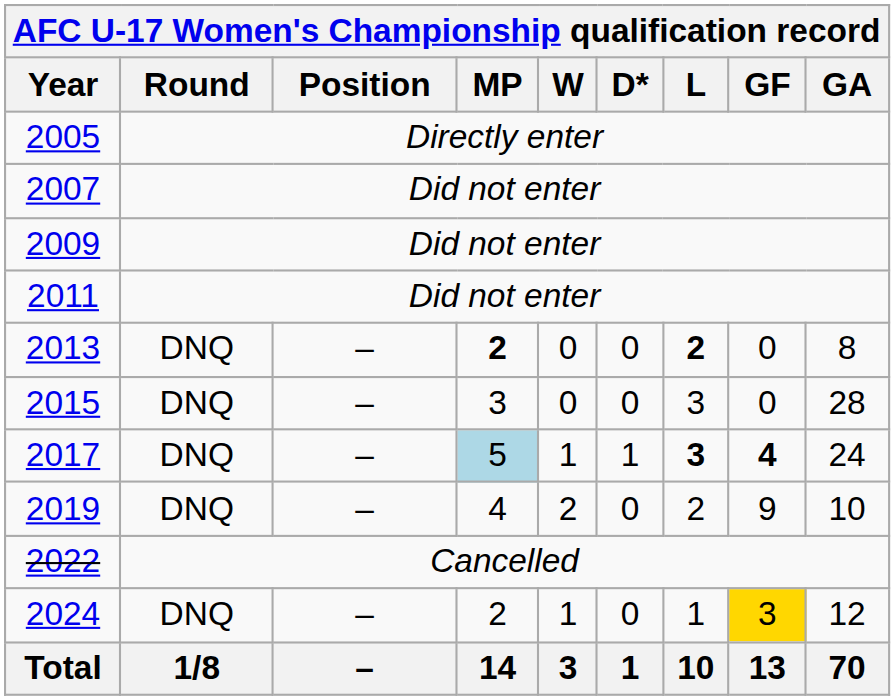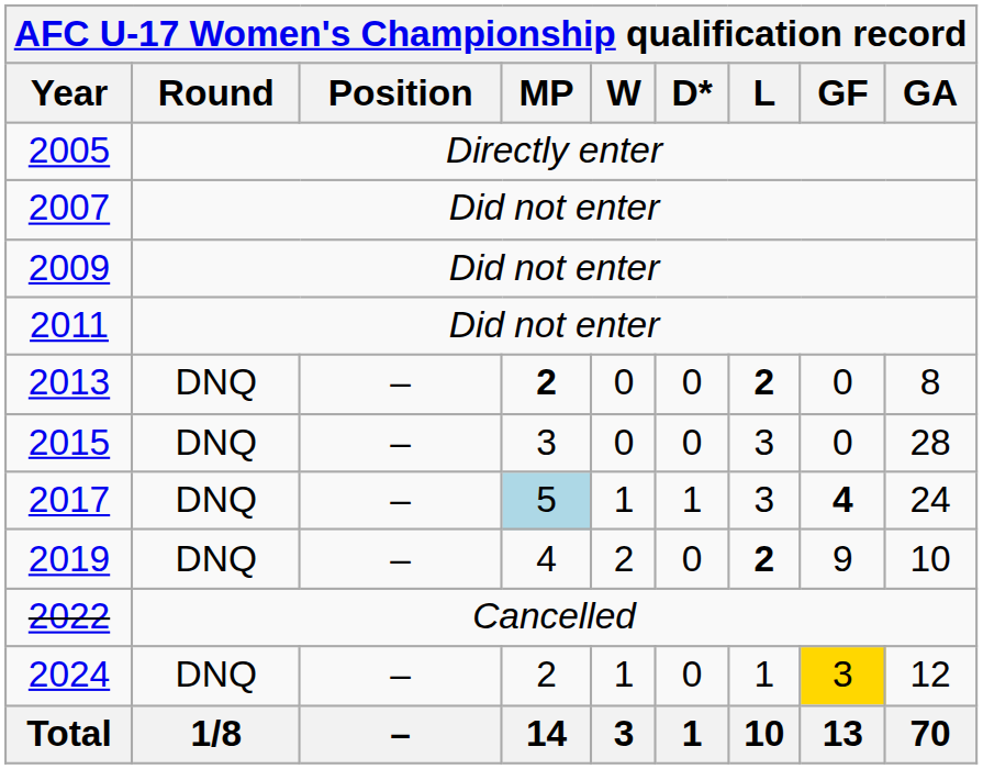 <table class="wikitable" style="text-align: center;">
 <tr>
 <th colspan=10><a href='#'>AFC U-17 Women's Championship</a> qualification record</th>
 </tr>
 <tr>
 <th>Year</th>
 <th>Round</th>
 <th>Position</th>
 <th>MP</th>
 <th>W</th>
 <th>D*</th>
 <th>L</th>
 <th>GF</th>
 <th>GA</th>
 </tr>
 <tr>
 <td> <a href='#'>2005</a></td>
 <td colspan=9><em>Directly enter</em></td>
 </tr>
 <tr>
 <td> <a href='#'>2007</a></td>
 <td colspan=9><em>Did not enter</em></td>
 </tr>
 <tr>
 <td> <a href='#'>2009</a></td>
 <td colspan=9><em>Did not enter</em></td>
 </tr>
 <tr>
 <td> <a href='#'>2011</a></td>
 <td colspan=9><em>Did not enter</em></td>
 </tr>
 <tr>
 <td> <a href='#'>2013</a></td>
 <td>DNQ</td>
 <td>–</td>
 <td><strong>2</strong></td>
 <td>0</td>
 <td>0</td>
 <td><strong>2</strong></td>
 <td>0</td>
 <td>8</td>
 </tr>
 <tr>
 <td> <a href='#'>2015</a></td>
 <td>DNQ</td>
 <td>–</td>
 <td>3</td>
 <td>0</td>
 <td>0</td>
 <td>3</td>
 <td>0</td>
 <td>28</td>
 </tr>
 <tr>
 <td> <a href='#'>2017</a></td>
 <td>DNQ</td>
 <td>–</td>
 <td style="background: lightblue;">5</td>
 <td>1</td>
 <td>1</td>
-<td><strong>3</strong></td>
+<td>3</td>
 <td><strong>4</strong></td>
 <td>24</td>
 </tr>
 <tr>
 <td> <a href='#'>2019</a></td>
 <td>DNQ</td>
 <td>–</td>
 <td>4</td>
 <td>2</td>
 <td>0</td>
-<td>2</td>
+<td><strong>2</strong></td>
 <td>9</td>
 <td>10</td>
 </tr>
 <tr>
 <td><s><a href='#'>2022</a></s></td>
 <td colspan=9><em>Cancelled</em></td>
 </tr>
 <tr>
 <td> <a href='#'>2024</a></td>
 <td>DNQ</td>
 <td>–</td>
 <td>2</td>
 <td>1</td>
 <td>0</td>
 <td>1</td>
 <td style="background: gold;">3</td>
 <td>12</td>
 </tr>
 <tr>
 <th>Total</th>
 <th>1/8</th>
 <th>–</th>
 <th>14</th>
 <th>3</th>
 <th>1</th>
 <th>10</th>
 <th>13</th>
 <th>70</th>
 </tr>
 </table>
